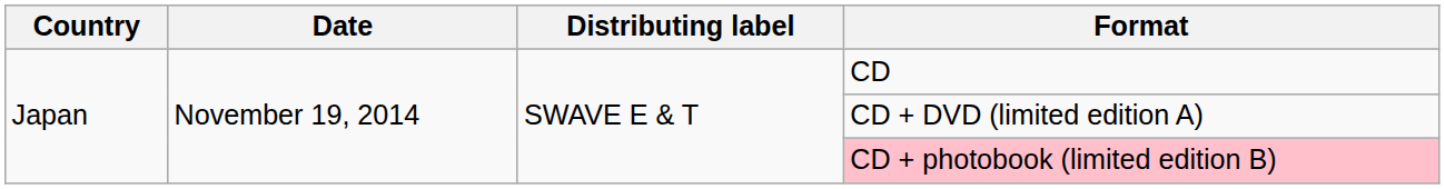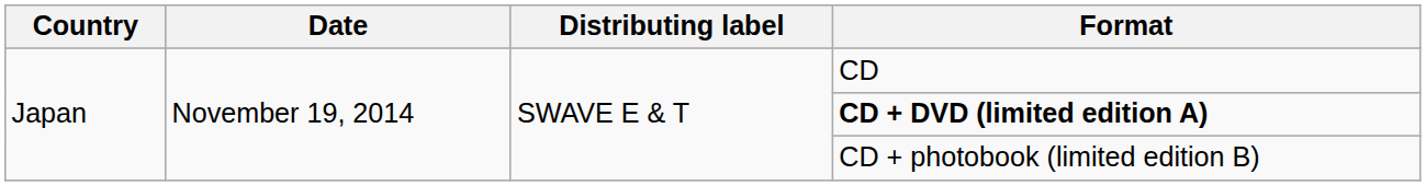 <table class="wikitable" style="width:65%">
 <tr>
 <th>Country</th>
 <th>Date</th>
 <th>Distributing label</th>
 <th>Format</th>
 </tr>
 <tr>
 <td rowspan=3>Japan</td>
 <td rowspan=3>November 19, 2014</td>
 <td rowspan=3>SWAVE E & T</td>
 <td>CD</td>
 </tr>
 <tr>
-<td>CD + DVD (limited edition A)</td>
+<td><strong>CD + DVD (limited edition A)</strong></td>
 </tr>
 <tr>
-<td style="background: pink;">CD + photobook (limited edition B)</td>
+<td>CD + photobook (limited edition B)</td>
 </tr>
 </table>
